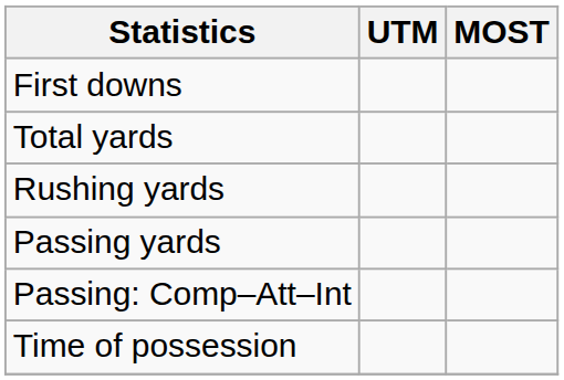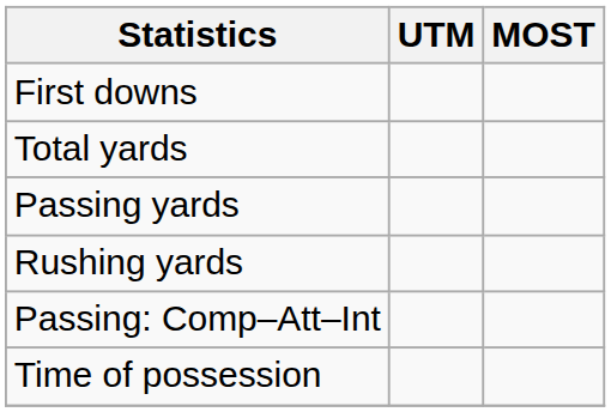 <table class="wikitable" style="float: left;">
 <tr>
 <th>Statistics</th>
 <th>UTM</th>
 <th>MOST</th>
 </tr>
 <tr>
 <td>First downs</td>
 <td></td>
 <td></td>
 </tr>
 <tr>
 <td>Total yards</td>
 <td></td>
 <td></td>
 </tr>
 <tr>
-<td>Rushing yards</td>
+<td>Passing yards</td>
 <td></td>
 <td></td>
 </tr>
 <tr>
-<td>Passing yards</td>
+<td>Rushing yards</td>
 <td></td>
 <td></td>
 </tr>
 <tr>
 <td>Passing: Comp–Att–Int</td>
 <td></td>
 <td></td>
 </tr>
 <tr>
 <td>Time of possession</td>
 <td></td>
 <td></td>
 </tr>
 <tr>
 </tr>
 </table>
